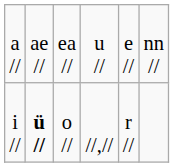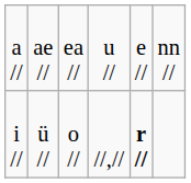 <table class=wikitable>
 <tr align=center>
 <td><br>a<br>//</td>
 <td><br>ae<br>//</td>
 <td><br>ea<br>//</td>
 <td><br>u<br>//</td>
 <td><br>e<br>//</td>
 <td><br>nn<br>//</td>
 </tr>
 <tr align=center>
 <td><br>i<br>//</td>
-<td><strong><br>ü<br>//</strong></td>
+<td><br>ü<br>//</td>
 <td><br>o<br>//</td>
 <td><br><br>//,//</td>
-<td><br>r<br>//</td>
+<td><strong><br>r<br>//</strong></td>
 <td></td>
 </tr>
 </table>
